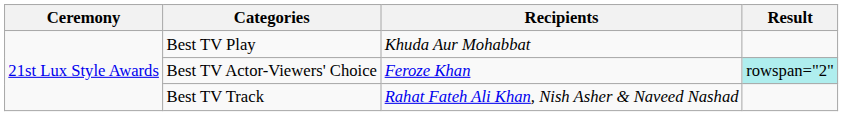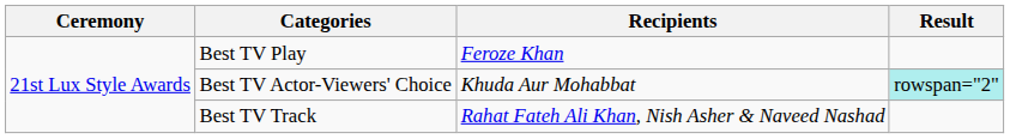 <table class="wikitable style">
 <tr>
 <th>Ceremony</th>
 <th>Categories</th>
 <th>Recipients</th>
 <th>Result</th>
 </tr>
 <tr>
 <td rowspan="3"><a href='#'>21st Lux Style Awards</a></td>
 <td>Best TV Play</td>
-<td><em>Khuda Aur Mohabbat</em></td>
+<td><em><a href='#'>Feroze Khan</a></em></td>
 <td></td>
 </tr>
 <tr>
 <td>Best TV Actor-Viewers' Choice</td>
-<td><em><a href='#'>Feroze Khan</a></em></td>
+<td><em>Khuda Aur Mohabbat</em></td>
 <td style="background: paleturquoise;">rowspan="2" </td>
 </tr>
 <tr>
 <td>Best TV Track</td>
 <td><em><a href='#'>Rahat Fateh Ali Khan</a>, Nish Asher & Naveed Nashad </em></td>
 </tr>
 </table>
